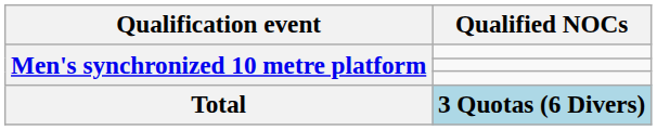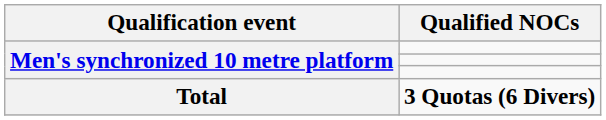 <table class="wikitable">
 <tr>
 <th>Qualification event</th>
 <th>Qualified NOCs</th>
 </tr>
 <tr>
 <th rowspan="3"><a href='#'>Men's synchronized 10 metre platform</a></th>
 <td></td>
 </tr>
 <tr>
 <td></td>
 </tr>
 <tr>
 <td></td>
 </tr>
 <tr>
 <th>Total</th>
-<td style="background: lightblue;"><strong>3 Quotas (6 Divers)</strong></td>
+<td><strong>3 Quotas (6 Divers)</strong></td>
 </tr>
 </table>
